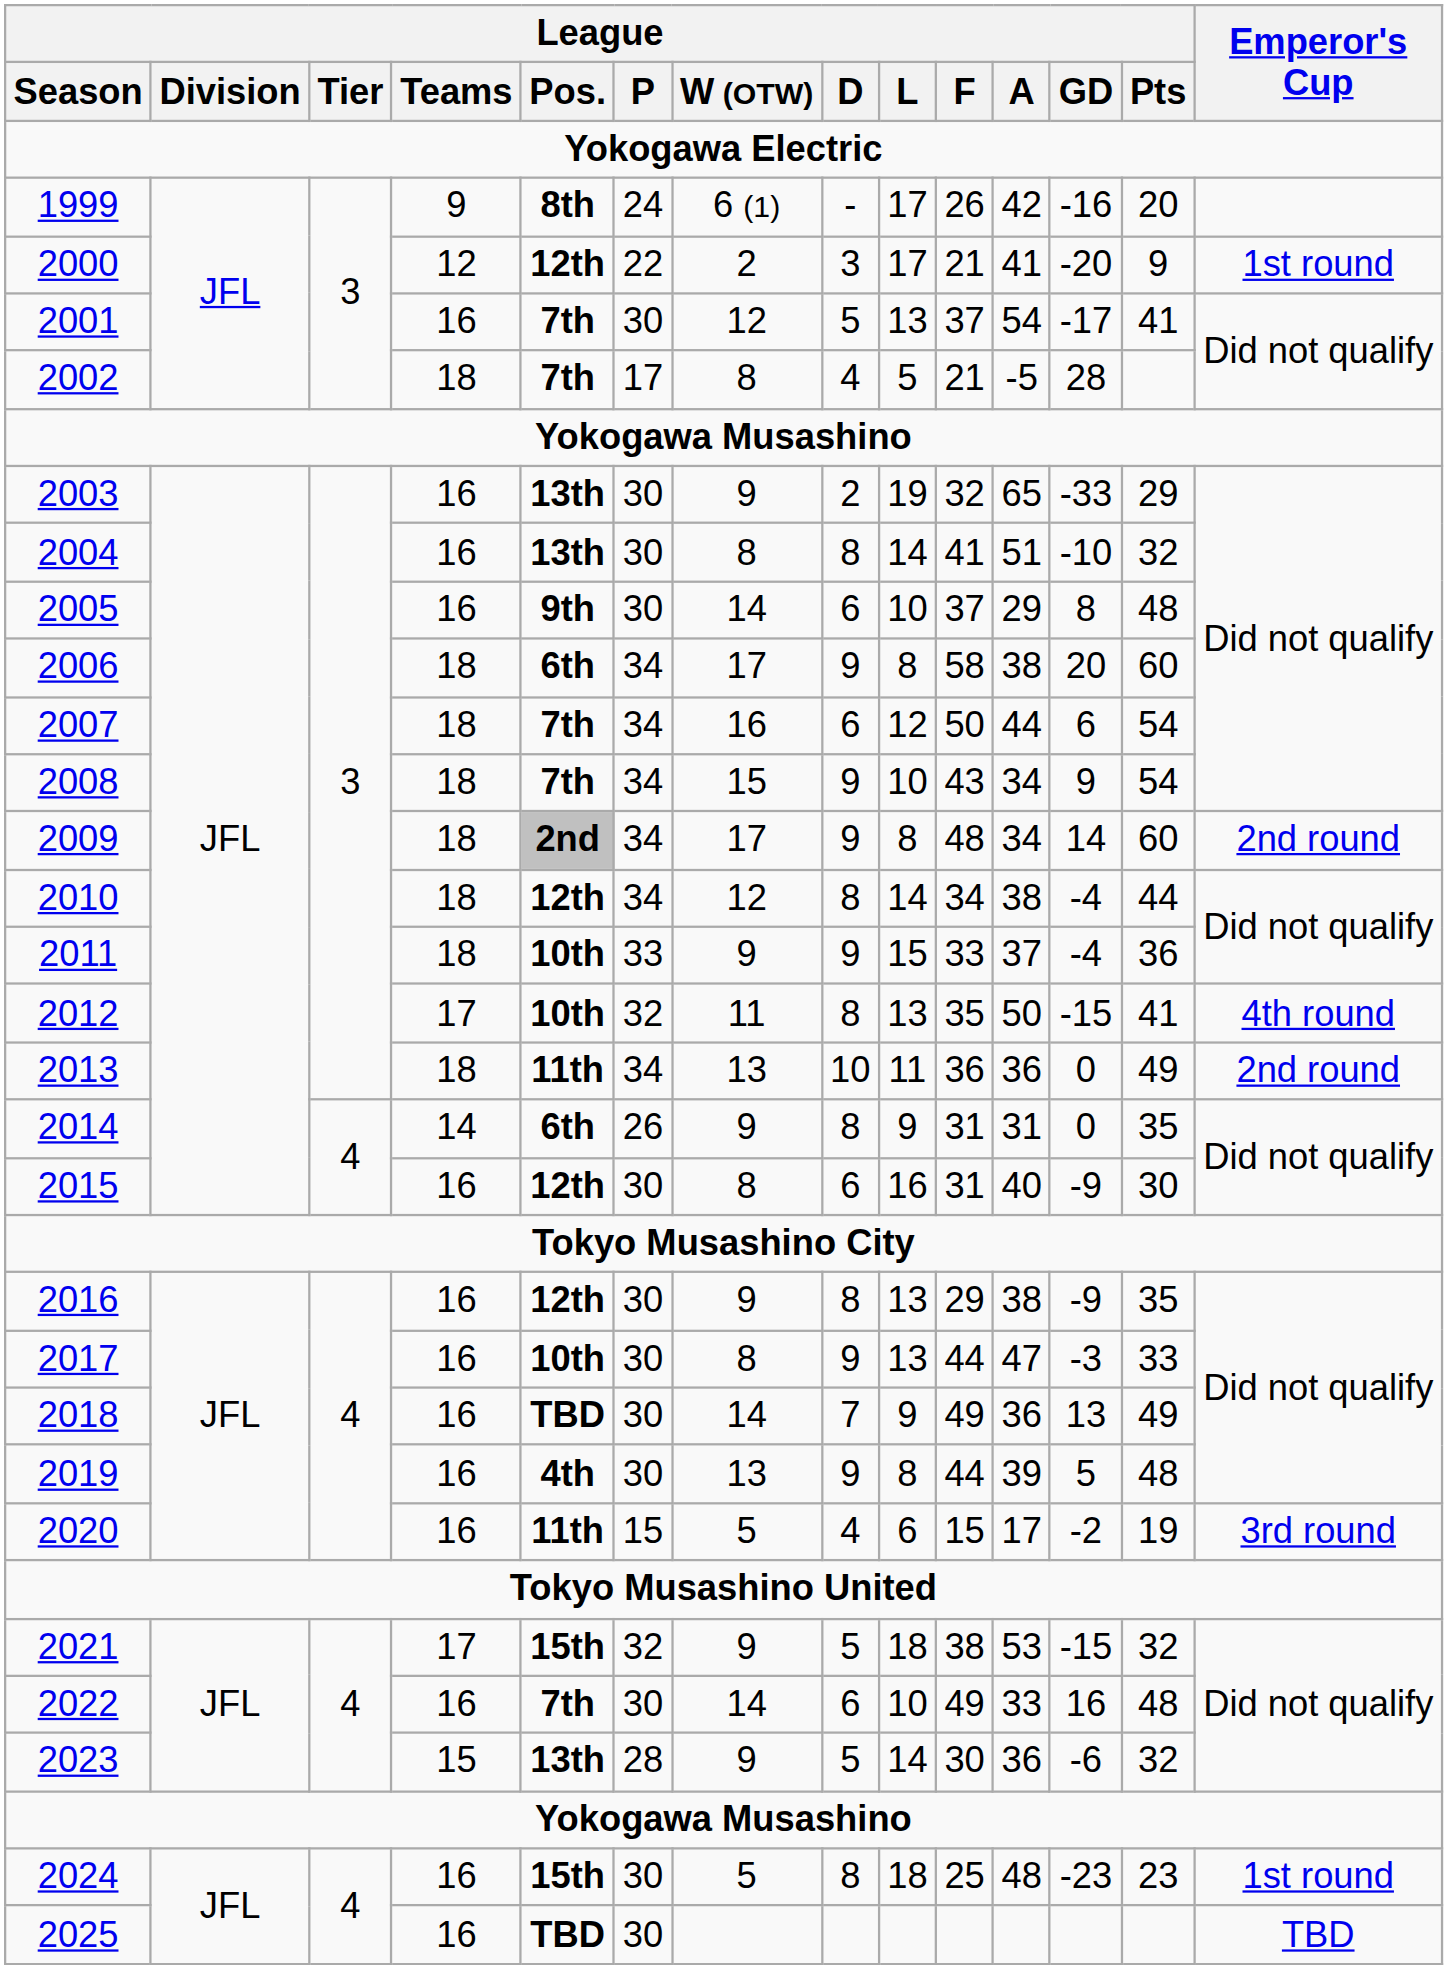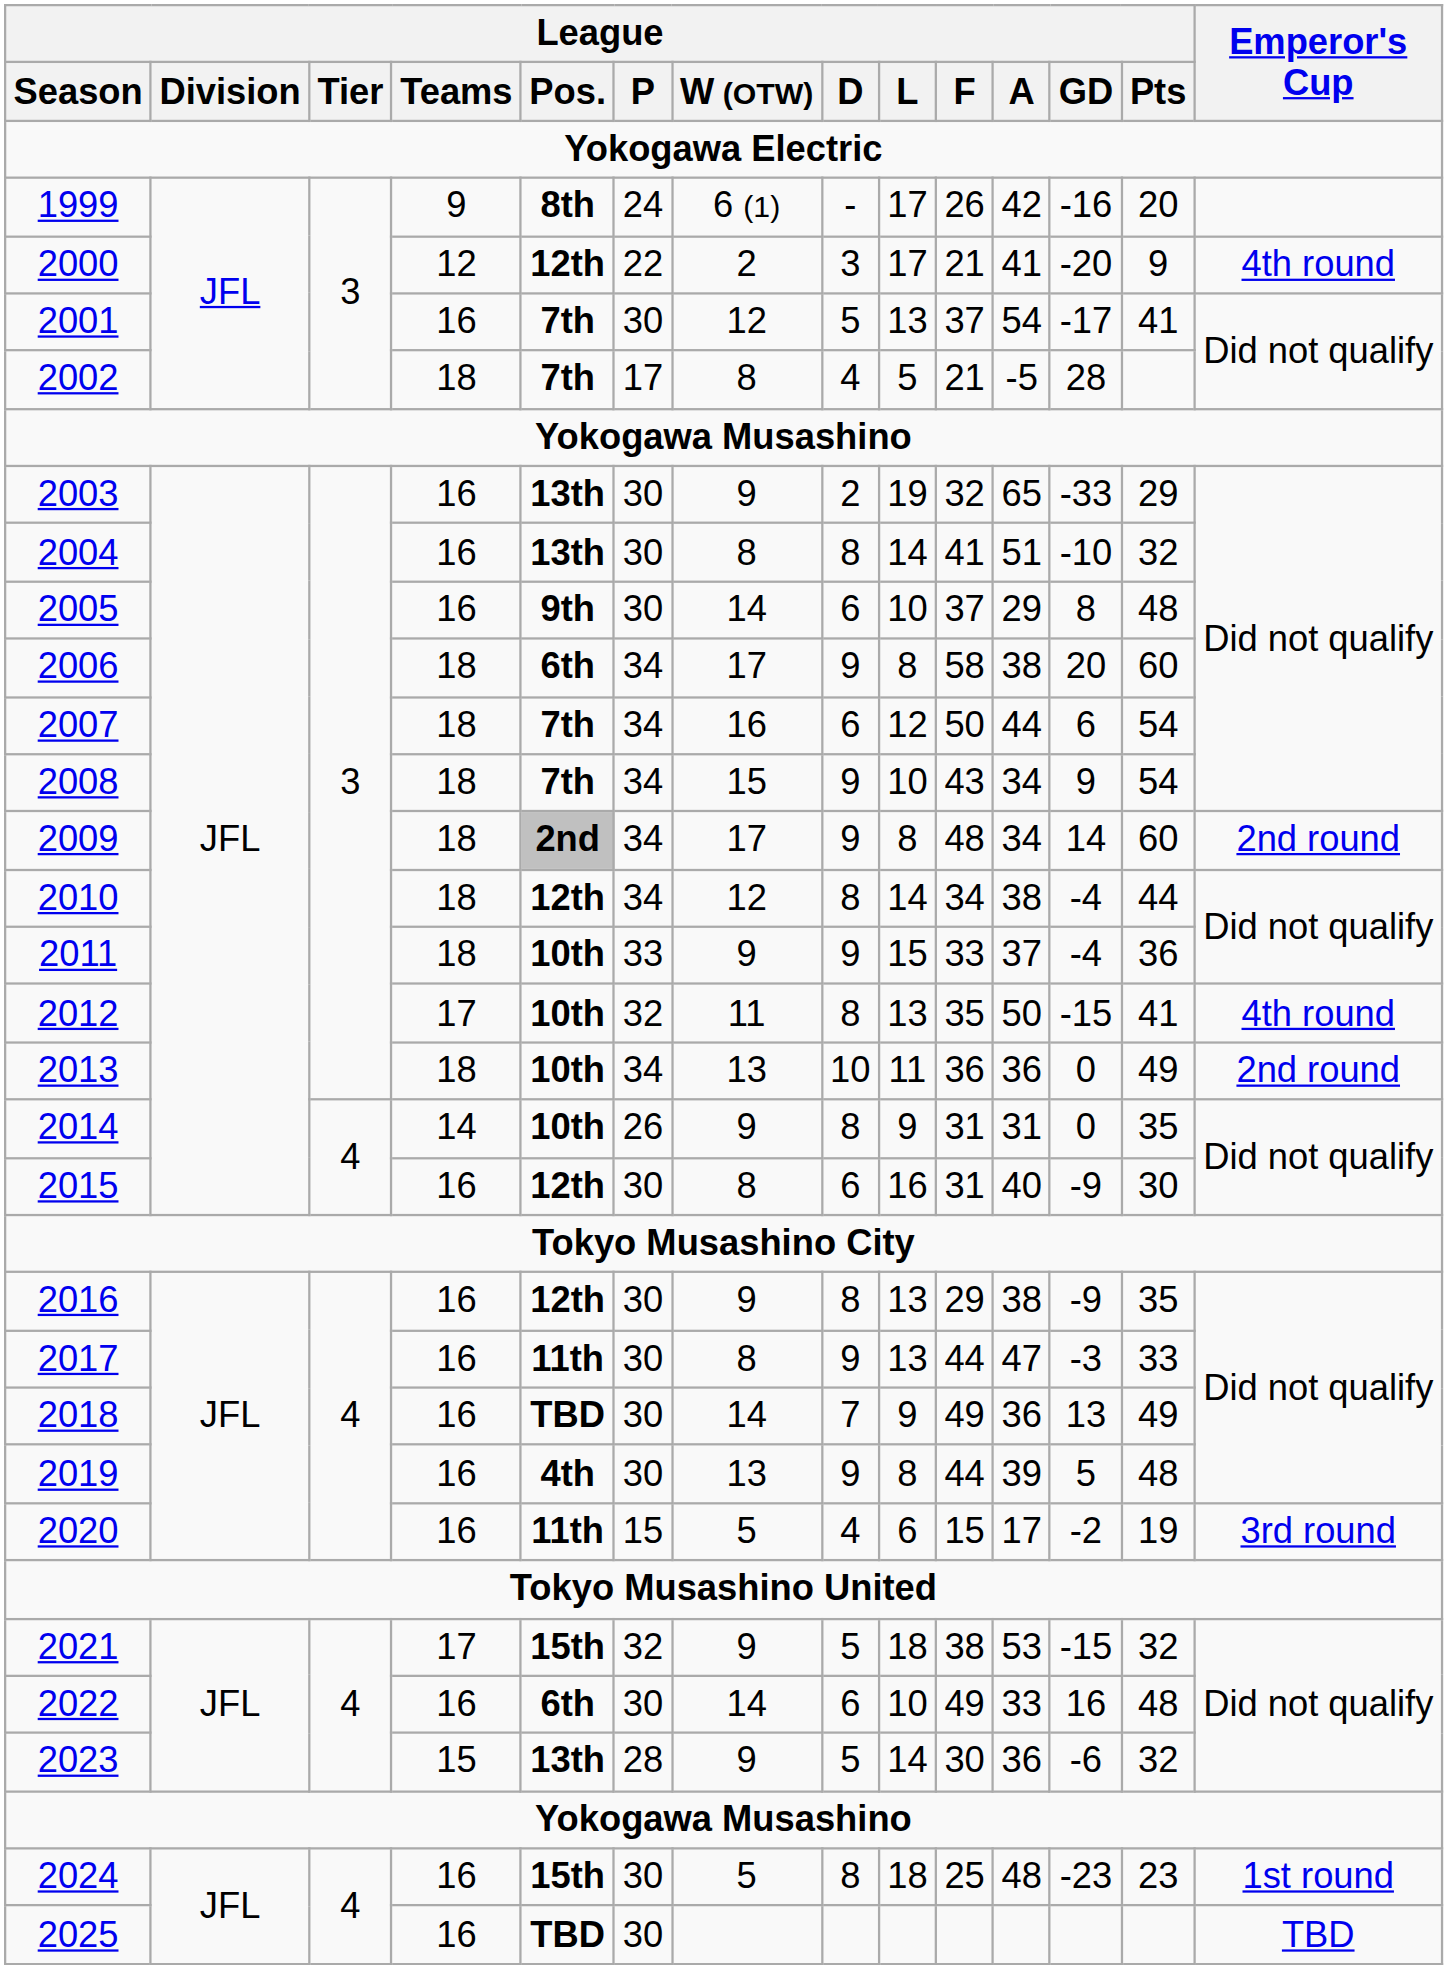 <table class="wikitable" style="text-align: center">
 <tr>
 <th colspan="13">League</th>
 <th rowspan="2"><a href='#'>Emperor's<br>Cup</a></th>
 </tr>
 <tr>
 <th>Season</th>
 <th>Division</th>
 <th>Tier</th>
 <th>Teams</th>
 <th>Pos.</th>
 <th>P</th>
 <th>W<small> (OTW)</small></th>
 <th>D</th>
 <th>L</th>
 <th>F</th>
 <th>A</th>
 <th>GD</th>
 <th>Pts</th>
 </tr>
 <tr>
 <td colspan="14"><strong>Yokogawa Electric</strong></td>
 </tr>
 <tr>
 <td><a href='#'>1999</a></td>
 <td rowspan="4"><a href='#'>JFL</a></td>
 <td rowspan="4">3</td>
 <td>9</td>
 <td><strong>8th</strong></td>
 <td>24</td>
 <td>6 <small>(1)</small></td>
 <td>-</td>
 <td>17</td>
 <td>26</td>
 <td>42</td>
 <td>-16</td>
 <td>20</td>
 <td></td>
 </tr>
 <tr>
 <td><a href='#'>2000</a></td>
 <td>12</td>
 <td><strong>12th</strong></td>
 <td>22</td>
 <td>2</td>
 <td>3</td>
 <td>17</td>
 <td>21</td>
 <td>41</td>
 <td>-20</td>
 <td>9</td>
-<td><a href='#'>1st round</a></td>
+<td><a href='#'>4th round</a></td>
 </tr>
 <tr>
 <td><a href='#'>2001</a></td>
 <td>16</td>
 <td><strong>7th</strong></td>
 <td>30</td>
 <td>12</td>
 <td>5</td>
 <td>13</td>
 <td>37</td>
 <td>54</td>
 <td>-17</td>
 <td>41</td>
 <td rowspan="2">Did not qualify</td>
 </tr>
 <tr>
 <td><a href='#'>2002</a></td>
 <td>18</td>
 <td><strong>7th</strong></td>
 <td>17</td>
 <td>8</td>
 <td>4</td>
 <td>5</td>
 <td>21</td>
 <td 26>-5</td>
 <td>28</td>
 </tr>
 <tr>
 <td colspan="14"><strong>Yokogawa Musashino</strong></td>
 </tr>
 <tr>
 <td><a href='#'>2003</a></td>
 <td rowspan="13">JFL</td>
 <td rowspan="11">3</td>
 <td>16</td>
 <td><strong>13th</strong></td>
 <td>30</td>
 <td>9</td>
 <td>2</td>
 <td>19</td>
 <td>32</td>
 <td>65</td>
 <td>-33</td>
 <td>29</td>
 <td rowspan="6">Did not qualify</td>
 </tr>
 <tr>
 <td><a href='#'>2004</a></td>
 <td>16</td>
 <td><strong>13th</strong></td>
 <td>30</td>
 <td>8</td>
 <td>8</td>
 <td>14</td>
 <td>41</td>
 <td>51</td>
 <td>-10</td>
 <td>32</td>
 </tr>
 <tr>
 <td><a href='#'>2005</a></td>
 <td>16</td>
 <td><strong>9th</strong></td>
 <td>30</td>
 <td>14</td>
 <td>6</td>
 <td>10</td>
 <td>37</td>
 <td>29</td>
 <td>8</td>
 <td>48</td>
 </tr>
 <tr>
 <td><a href='#'>2006</a></td>
 <td>18</td>
 <td><strong>6th</strong></td>
 <td>34</td>
 <td>17</td>
 <td>9</td>
 <td>8</td>
 <td>58</td>
 <td>38</td>
 <td>20</td>
 <td>60</td>
 </tr>
 <tr>
 <td><a href='#'>2007</a></td>
 <td>18</td>
 <td><strong>7th</strong></td>
 <td>34</td>
 <td>16</td>
 <td>6</td>
 <td>12</td>
 <td>50</td>
 <td>44</td>
 <td>6</td>
 <td>54</td>
 </tr>
 <tr>
 <td><a href='#'>2008</a></td>
 <td>18</td>
 <td><strong>7th</strong></td>
 <td>34</td>
 <td>15</td>
 <td>9</td>
 <td>10</td>
 <td>43</td>
 <td>34</td>
 <td>9</td>
 <td>54</td>
 </tr>
 <tr>
 <td><a href='#'>2009</a></td>
 <td>18</td>
 <td bgcolor=silver><strong>2nd</strong></td>
 <td>34</td>
 <td>17</td>
 <td>9</td>
 <td>8</td>
 <td>48</td>
 <td>34</td>
 <td>14</td>
 <td>60</td>
 <td><a href='#'>2nd round</a></td>
 </tr>
 <tr>
 <td><a href='#'>2010</a></td>
 <td>18</td>
 <td><strong>12th</strong></td>
 <td>34</td>
 <td>12</td>
 <td>8</td>
 <td>14</td>
 <td>34</td>
 <td>38</td>
 <td>-4</td>
 <td>44</td>
 <td rowspan="2">Did not qualify</td>
 </tr>
 <tr>
 <td><a href='#'>2011</a></td>
 <td>18</td>
 <td><strong>10th</strong></td>
 <td>33</td>
 <td>9</td>
 <td>9</td>
 <td>15</td>
 <td>33</td>
 <td>37</td>
 <td>-4</td>
 <td>36</td>
 </tr>
 <tr>
 <td><a href='#'>2012</a></td>
 <td>17</td>
 <td><strong>10th</strong></td>
 <td>32</td>
 <td>11</td>
 <td>8</td>
 <td>13</td>
 <td>35</td>
 <td>50</td>
 <td>-15</td>
 <td>41</td>
 <td><a href='#'>4th round</a></td>
 </tr>
 <tr>
 <td><a href='#'>2013</a></td>
 <td>18</td>
-<td><strong>11th</strong></td>
+<td><strong>10th</strong></td>
 <td>34</td>
 <td>13</td>
 <td>10</td>
 <td>11</td>
 <td>36</td>
 <td>36</td>
 <td>0</td>
 <td>49</td>
 <td><a href='#'>2nd round</a></td>
 </tr>
 <tr>
 <td><a href='#'>2014</a></td>
 <td rowspan="2">4</td>
 <td>14</td>
-<td><strong>6th</strong></td>
+<td><strong>10th</strong></td>
 <td>26</td>
 <td>9</td>
 <td>8</td>
 <td>9</td>
 <td>31</td>
 <td>31</td>
 <td>0</td>
 <td>35</td>
 <td rowspan="2">Did not qualify</td>
 </tr>
 <tr>
 <td><a href='#'>2015</a></td>
 <td>16</td>
 <td><strong>12th</strong></td>
 <td>30</td>
 <td>8</td>
 <td>6</td>
 <td>16</td>
 <td>31</td>
 <td>40</td>
 <td>-9</td>
 <td>30</td>
 </tr>
 <tr>
 <td colspan="14"><strong>Tokyo Musashino City</strong></td>
 </tr>
 <tr>
 <td><a href='#'>2016</a></td>
 <td rowspan="5">JFL</td>
 <td rowspan="5">4</td>
 <td>16</td>
 <td><strong>12th</strong></td>
 <td>30</td>
 <td>9</td>
 <td>8</td>
 <td>13</td>
 <td>29</td>
 <td>38</td>
 <td>-9</td>
 <td>35</td>
 <td rowspan="4">Did not qualify</td>
 </tr>
 <tr>
 <td><a href='#'>2017</a></td>
 <td>16</td>
-<td><strong>10th</strong></td>
+<td><strong>11th</strong></td>
 <td>30</td>
 <td>8</td>
 <td>9</td>
 <td>13</td>
 <td>44</td>
 <td>47</td>
 <td>-3</td>
 <td>33</td>
 </tr>
 <tr>
 <td><a href='#'>2018</a></td>
 <td>16</td>
 <td><strong>TBD</strong></td>
 <td>30</td>
 <td>14</td>
 <td>7</td>
 <td>9</td>
 <td>49</td>
 <td>36</td>
 <td>13</td>
 <td>49</td>
 </tr>
 <tr>
 <td><a href='#'>2019</a></td>
 <td>16</td>
 <td><strong>4th</strong></td>
 <td>30</td>
 <td>13</td>
 <td>9</td>
 <td>8</td>
 <td>44</td>
 <td>39</td>
 <td>5</td>
 <td>48</td>
 </tr>
 <tr>
 <td><a href='#'>2020</a></td>
 <td>16</td>
 <td><strong>11th</strong></td>
 <td>15</td>
 <td>5</td>
 <td>4</td>
 <td>6</td>
 <td>15</td>
 <td>17</td>
 <td>-2</td>
 <td>19</td>
 <td><a href='#'>3rd round</a></td>
 </tr>
 <tr>
 <td colspan="14"><strong>Tokyo Musashino United</strong></td>
 </tr>
 <tr>
 <td><a href='#'>2021</a></td>
 <td rowspan="3">JFL</td>
 <td rowspan="3">4</td>
 <td>17</td>
 <td><strong>15th</strong></td>
 <td>32</td>
 <td>9</td>
 <td>5</td>
 <td>18</td>
 <td>38</td>
 <td>53</td>
 <td>-15</td>
 <td>32</td>
 <td rowspan="3">Did not qualify</td>
 </tr>
 <tr>
 <td><a href='#'>2022</a></td>
 <td>16</td>
-<td><strong>7th</strong></td>
+<td><strong>6th</strong></td>
 <td>30</td>
 <td>14</td>
 <td>6</td>
 <td>10</td>
 <td>49</td>
 <td>33</td>
 <td>16</td>
 <td>48</td>
 </tr>
 <tr>
 <td><a href='#'>2023</a></td>
 <td>15</td>
 <td><strong>13th</strong></td>
 <td>28</td>
 <td>9</td>
 <td>5</td>
 <td>14</td>
 <td>30</td>
 <td>36</td>
 <td>-6</td>
 <td>32</td>
 </tr>
 <tr>
 <td colspan="14"><strong>Yokogawa Musashino</strong></td>
 </tr>
 <tr>
 <td><a href='#'>2024</a></td>
 <td rowspan="2">JFL</td>
 <td rowspan="2">4</td>
 <td>16</td>
 <td><strong>15th</strong></td>
 <td>30</td>
 <td>5</td>
 <td>8</td>
 <td>18</td>
 <td>25</td>
 <td>48</td>
 <td>-23</td>
 <td>23</td>
 <td><a href='#'>1st round</a></td>
 </tr>
 <tr>
 <td><a href='#'>2025</a></td>
 <td>16</td>
 <td><strong>TBD</strong></td>
 <td>30</td>
 <td></td>
 <td></td>
 <td></td>
 <td></td>
 <td></td>
 <td></td>
 <td></td>
 <td><a href='#'>TBD</a></td>
 </tr>
 </table>
